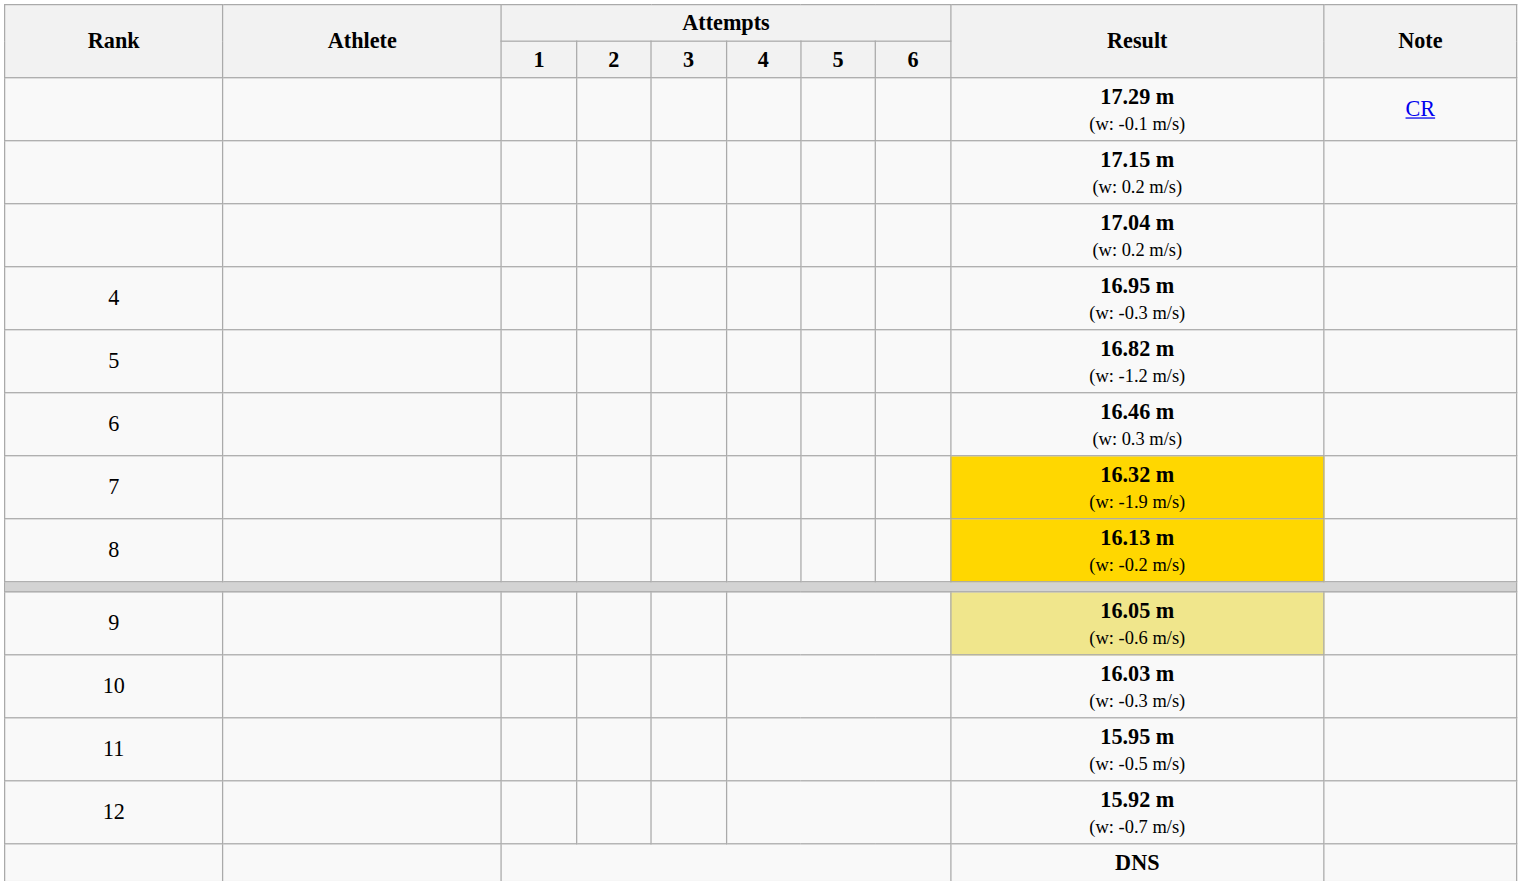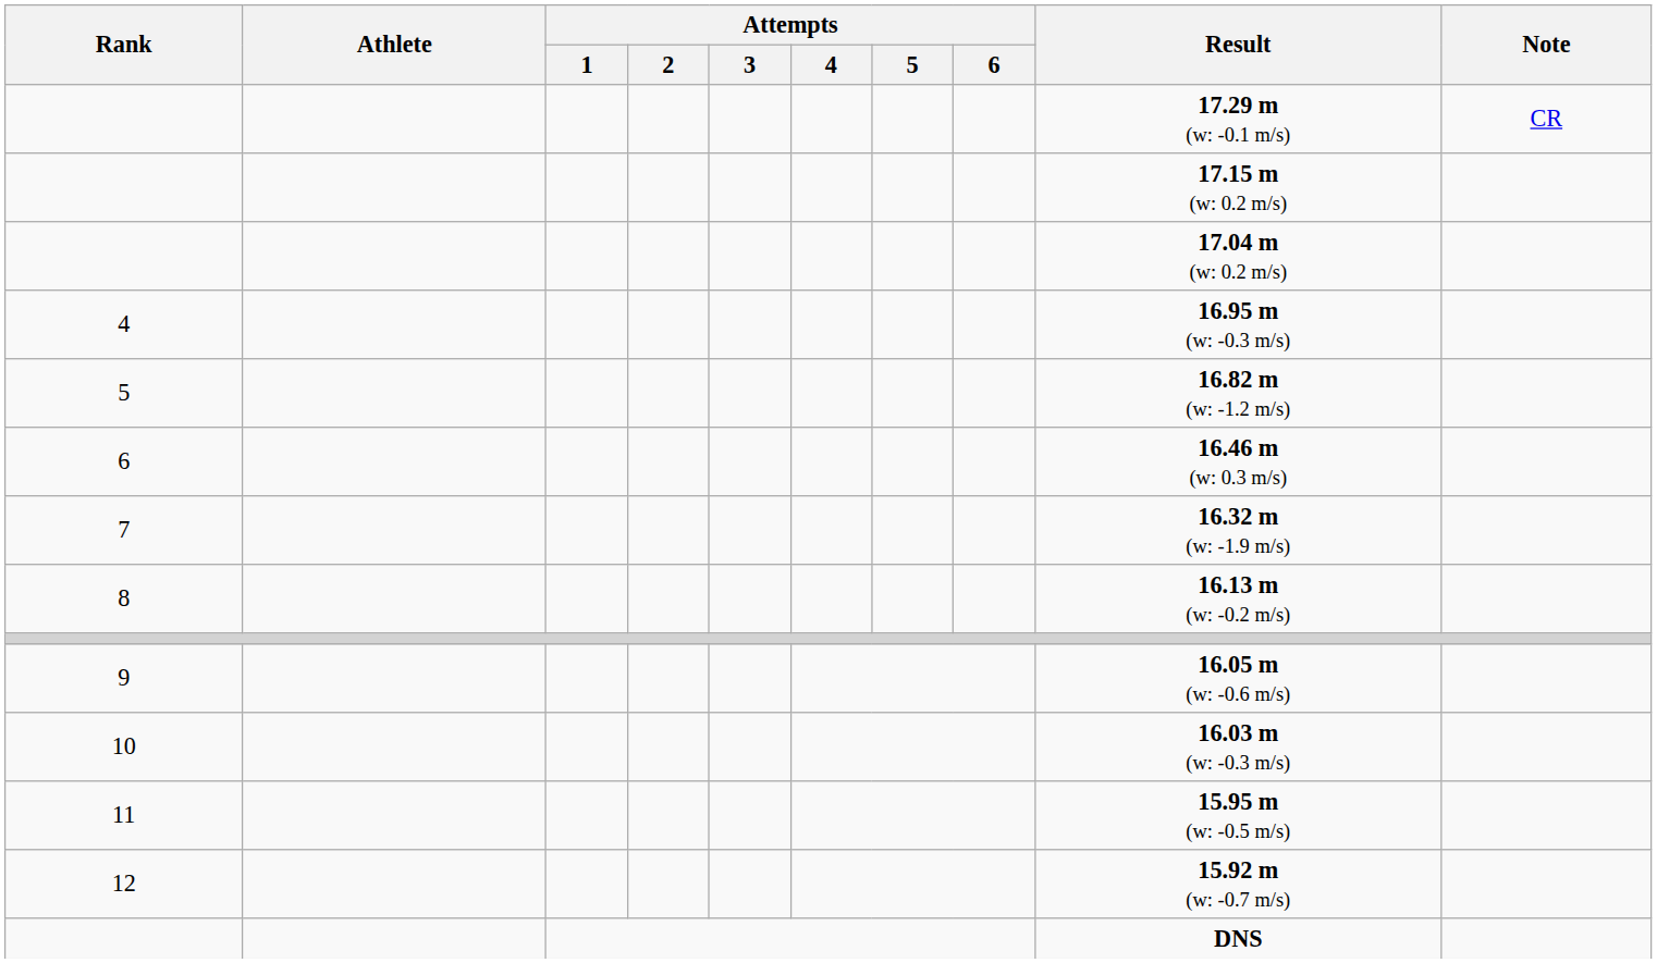 <table class="wikitable" style=" text-align:center; font-size:110%;" width="95%">
 <tr>
 <th rowspan="2">Rank</th>
 <th rowspan="2">Athlete</th>
 <th colspan="6">Attempts</th>
 <th rowspan="2">Result</th>
 <th rowspan="2">Note</th>
 </tr>
 <tr>
 <th>1</th>
 <th>2</th>
 <th>3</th>
 <th>4</th>
 <th>5</th>
 <th>6</th>
 </tr>
 <tr>
 <td></td>
 <td align=left></td>
 <td></td>
 <td></td>
 <td></td>
 <td></td>
 <td></td>
 <td></td>
 <td><strong>17.29 m</strong><br><small>(w: -0.1 m/s)</small></td>
 <td><a href='#'>CR</a></td>
 </tr>
 <tr>
 <td></td>
 <td align=left></td>
 <td></td>
 <td></td>
 <td></td>
 <td></td>
 <td></td>
 <td></td>
 <td><strong>17.15 m</strong><br><small>(w: 0.2 m/s)</small></td>
 <td></td>
 </tr>
 <tr>
 <td></td>
 <td align=left></td>
 <td></td>
 <td></td>
 <td></td>
 <td></td>
 <td></td>
 <td></td>
 <td><strong>17.04 m</strong><br><small>(w: 0.2 m/s)</small></td>
 <td></td>
 </tr>
 <tr>
 <td>4</td>
 <td align=left></td>
 <td></td>
 <td></td>
 <td></td>
 <td></td>
 <td></td>
 <td></td>
 <td><strong>16.95 m</strong> <br><small>(w: -0.3 m/s)</small></td>
 <td></td>
 </tr>
 <tr>
 <td>5</td>
 <td align=left></td>
 <td></td>
 <td></td>
 <td></td>
 <td></td>
 <td></td>
 <td></td>
 <td><strong>16.82 m</strong><br><small>(w: -1.2 m/s)</small></td>
 <td></td>
 </tr>
 <tr>
 <td>6</td>
 <td align=left></td>
 <td></td>
 <td></td>
 <td></td>
 <td></td>
 <td></td>
 <td></td>
 <td><strong>16.46 m</strong><br><small>(w: 0.3 m/s)</small></td>
 <td></td>
 </tr>
 <tr>
 <td>7</td>
 <td align=left></td>
 <td></td>
 <td></td>
 <td></td>
 <td></td>
 <td></td>
 <td></td>
-<td style="background: gold;"><strong>16.32 m</strong><br><small>(w: -1.9 m/s)</small></td>
+<td><strong>16.32 m</strong><br><small>(w: -1.9 m/s)</small></td>
 <td></td>
 </tr>
 <tr>
 <td>8</td>
 <td align=left></td>
 <td></td>
 <td></td>
 <td></td>
 <td></td>
 <td></td>
 <td></td>
-<td style="background: gold;"><strong>16.13 m</strong><br><small>(w: -0.2 m/s)</small></td>
+<td><strong>16.13 m</strong><br><small>(w: -0.2 m/s)</small></td>
 <td></td>
 </tr>
 <tr>
 <td colspan=10 bgcolor=lightgray></td>
 </tr>
 <tr>
 <td>9</td>
 <td align=left></td>
 <td></td>
 <td></td>
 <td></td>
 <td colspan=3></td>
-<td style="background: khaki;"><strong>16.05 m</strong><br><small>(w: -0.6 m/s)</small></td>
+<td><strong>16.05 m</strong><br><small>(w: -0.6 m/s)</small></td>
 <td></td>
 </tr>
 <tr>
 <td>10</td>
 <td align=left></td>
 <td></td>
 <td></td>
 <td></td>
 <td colspan=3></td>
 <td><strong>16.03 m</strong><br><small>(w: -0.3 m/s)</small></td>
 <td></td>
 </tr>
 <tr>
 <td>11</td>
 <td align=left></td>
 <td></td>
 <td></td>
 <td></td>
 <td colspan=3></td>
 <td><strong>15.95 m</strong><br><small>(w: -0.5 m/s)</small></td>
 <td></td>
 </tr>
 <tr>
 <td>12</td>
 <td align=left></td>
 <td></td>
 <td></td>
 <td></td>
 <td colspan=3></td>
 <td><strong>15.92 m</strong><br><small>(w: -0.7 m/s)</small></td>
 <td></td>
 </tr>
 <tr>
 <td></td>
 <td align=left></td>
 <td colspan=6></td>
 <td><strong>DNS</strong></td>
 <td></td>
 </tr>
 </table>
